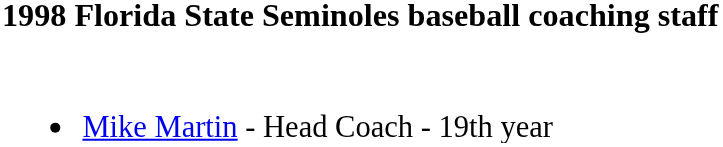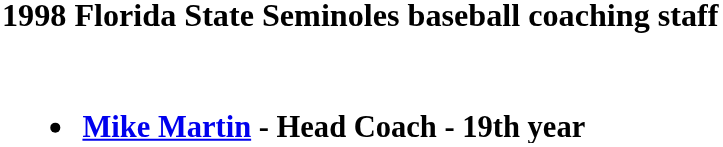 <table class="toccolours">
 <tr>
 <th colspan=9>1998 Florida State Seminoles baseball coaching staff</th>
 </tr>
 <tr>
-<td style="text-align: left; font-size: 95%;" valign="top"><br><ul><li><a href='#'>Mike Martin</a> - Head Coach - 19th year</li></ul></td>
+<td style="text-align: left; font-size: 95%;" valign="top"><strong><br><ul><li><a href='#'>Mike Martin</a> - Head Coach - 19th year</li></ul></strong></td>
 </tr>
 </table>
